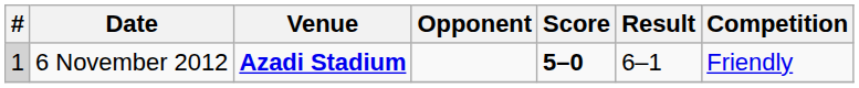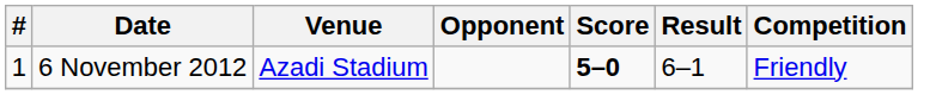 <table class="wikitable">
 <tr>
 <th>#</th>
 <th>Date</th>
 <th>Venue</th>
 <th>Opponent</th>
 <th>Score</th>
 <th>Result</th>
 <th>Competition</th>
 </tr>
 <tr>
-<td style="background: lightgrey;">1</td>
+<td>1</td>
 <td>6 November 2012</td>
-<td><strong><a href='#'>Azadi Stadium</a></strong></td>
+<td><a href='#'>Azadi Stadium</a></td>
 <td></td>
 <td><strong>5–0</strong></td>
 <td>6–1</td>
 <td><a href='#'>Friendly</a></td>
 </tr>
 <tr>
 </tr>
 </table>
